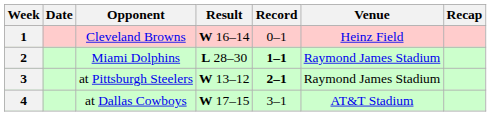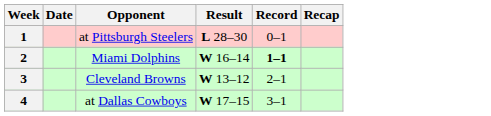 <table class="wikitable" style="text-align:center">
 <tr>
 <th>Week</th>
 <th>Date</th>
 <th>Opponent</th>
 <th>Result</th>
 <th>Record</th>
-<th>Venue</th>
 <th>Recap</th>
 </tr>
 <tr style="background:#fcc">
 <th>1</th>
 <td></td>
-<td><a href='#'>Cleveland Browns</a></td>
-<td><strong>W</strong> 16–14</td>
+<td>at <a href='#'>Pittsburgh Steelers</a></td>
+<td><strong>L</strong> 28–30</td>
 <td>0–1</td>
-<td><a href='#'>Heinz Field</a></td>
 <td></td>
 </tr>
 <tr style="background:#cfc">
 <th>2</th>
 <td></td>
 <td><a href='#'>Miami Dolphins</a></td>
-<td><strong>L</strong> 28–30</td>
+<td><strong>W</strong> 16–14</td>
 <td><strong>1–1</strong></td>
-<td><a href='#'>Raymond James Stadium</a></td>
 <td></td>
 </tr>
 <tr style="background:#cfc">
 <th>3</th>
 <td></td>
-<td>at <a href='#'>Pittsburgh Steelers</a></td>
+<td><a href='#'>Cleveland Browns</a></td>
 <td><strong>W</strong> 13–12</td>
-<td><strong>2–1</strong></td>
-<td>Raymond James Stadium</td>
+<td>2–1</td>
 <td></td>
 </tr>
 <tr style="background:#cfc">
 <th>4</th>
 <td></td>
 <td>at <a href='#'>Dallas Cowboys</a></td>
 <td><strong>W</strong> 17–15</td>
 <td>3–1</td>
-<td><a href='#'>AT&T Stadium</a></td>
 <td></td>
 </tr>
 </table>
